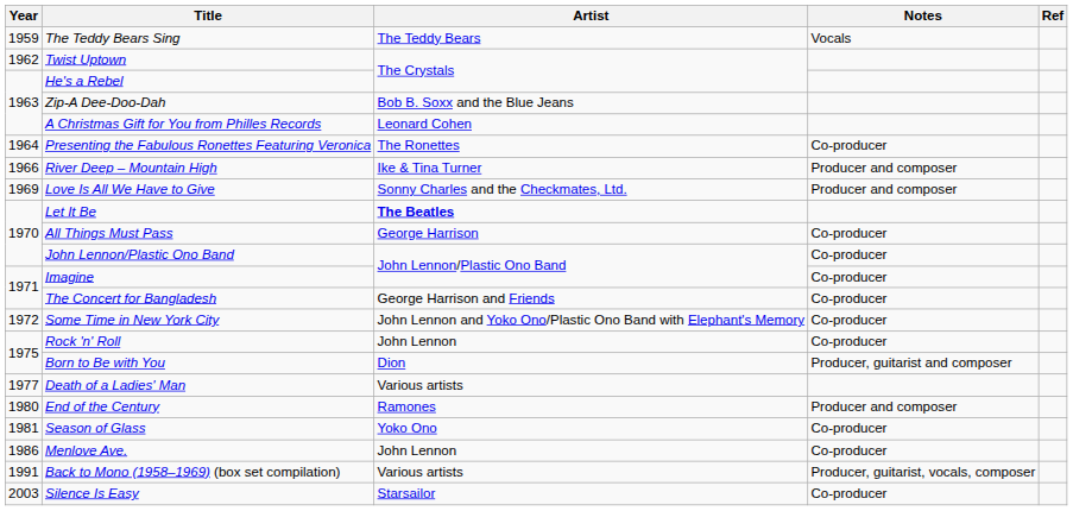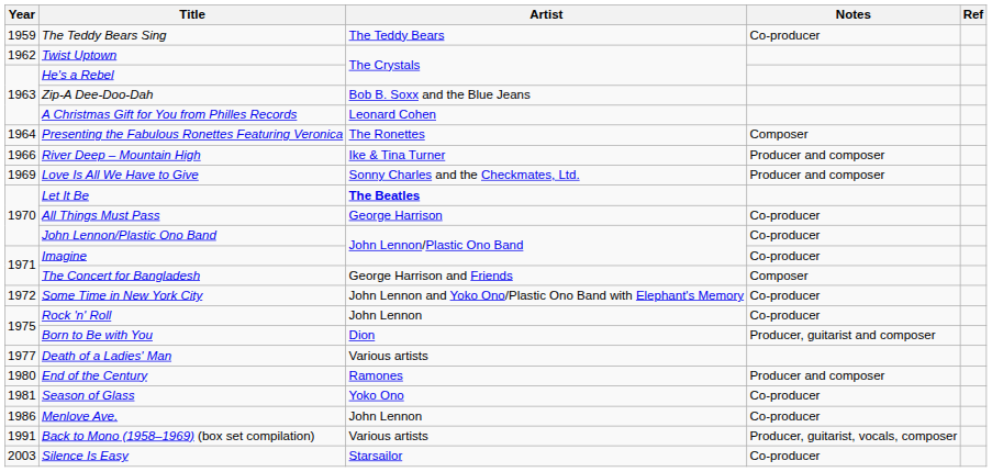 <table class="wikitable sortable">
 <tr>
 <th>Year</th>
 <th>Title</th>
 <th>Artist</th>
 <th>Notes</th>
 <th class="unsortable">Ref</th>
 </tr>
 <tr>
 <td>1959</td>
 <td><em>The Teddy Bears Sing</em></td>
 <td><a href='#'>The Teddy Bears</a></td>
-<td>Vocals</td>
+<td>Co-producer</td>
 <td></td>
 </tr>
 <tr>
 <td>1962</td>
 <td><em><a href='#'>Twist Uptown</a></em></td>
 <td rowspan="2"><a href='#'>The Crystals</a></td>
 <td></td>
 <td></td>
 </tr>
 <tr>
 <td rowspan="3">1963</td>
 <td><em><a href='#'>He's a Rebel</a></em></td>
 <td></td>
 <td></td>
 </tr>
 <tr>
 <td><em>Zip-A Dee-Doo-Dah</em></td>
 <td><a href='#'>Bob B. Soxx</a> and the Blue Jeans</td>
 <td></td>
 <td></td>
 </tr>
 <tr>
 <td><em><a href='#'>A Christmas Gift for You from Philles Records</a></em></td>
 <td><a href='#'>Leonard Cohen</a></td>
 <td></td>
 <td></td>
 </tr>
 <tr>
 <td>1964</td>
 <td><em><a href='#'>Presenting the Fabulous Ronettes Featuring Veronica</a></em></td>
 <td><a href='#'>The Ronettes</a></td>
-<td>Co-producer</td>
+<td>Composer</td>
 <td></td>
 </tr>
 <tr>
 <td>1966</td>
 <td><em><a href='#'>River Deep – Mountain High</a></em></td>
 <td><a href='#'>Ike & Tina Turner</a></td>
 <td>Producer and composer</td>
 <td></td>
 </tr>
 <tr>
 <td>1969</td>
 <td><em><a href='#'>Love Is All We Have to Give</a></em></td>
 <td><a href='#'>Sonny Charles</a> and the <a href='#'>Checkmates, Ltd.</a></td>
 <td>Producer and composer</td>
 <td></td>
 </tr>
 <tr>
 <td rowspan="3">1970</td>
 <td><em><a href='#'>Let It Be</a></em></td>
 <td><strong><a href='#'>The Beatles</a></strong></td>
 <td></td>
 <td></td>
 </tr>
 <tr>
 <td><em><a href='#'>All Things Must Pass</a></em></td>
 <td><a href='#'>George Harrison</a></td>
 <td>Co-producer</td>
 <td></td>
 </tr>
 <tr>
 <td><em><a href='#'>John Lennon/Plastic Ono Band</a></em></td>
 <td rowspan="2"><a href='#'>John Lennon</a>/<a href='#'>Plastic Ono Band</a></td>
 <td>Co-producer</td>
 <td></td>
 </tr>
 <tr>
 <td rowspan="2">1971</td>
 <td><em><a href='#'>Imagine</a></em></td>
 <td>Co-producer</td>
 <td></td>
 </tr>
 <tr>
 <td><em><a href='#'>The Concert for Bangladesh</a></em></td>
 <td>George Harrison and <a href='#'>Friends</a></td>
-<td>Co-producer</td>
+<td>Composer</td>
 <td></td>
 </tr>
 <tr>
 <td>1972</td>
 <td><em><a href='#'>Some Time in New York City</a></em></td>
 <td>John Lennon and <a href='#'>Yoko Ono</a>/Plastic Ono Band with <a href='#'>Elephant's Memory</a></td>
 <td>Co-producer</td>
 <td></td>
 </tr>
 <tr>
 <td rowspan="2">1975</td>
 <td><em><a href='#'>Rock 'n' Roll</a></em></td>
 <td>John Lennon</td>
 <td>Co-producer</td>
 <td></td>
 </tr>
 <tr>
 <td><em><a href='#'>Born to Be with You</a></em></td>
 <td><a href='#'>Dion</a></td>
 <td>Producer, guitarist and composer</td>
 <td></td>
 </tr>
 <tr>
 <td>1977</td>
 <td><em><a href='#'>Death of a Ladies' Man</a></em></td>
 <td>Various artists</td>
 <td></td>
 <td></td>
 </tr>
 <tr>
 <td>1980</td>
 <td><em><a href='#'>End of the Century</a></em></td>
 <td><a href='#'>Ramones</a></td>
 <td>Producer and composer</td>
 <td></td>
 </tr>
 <tr>
 <td>1981</td>
 <td><em><a href='#'>Season of Glass</a></em></td>
 <td><a href='#'>Yoko Ono</a></td>
 <td>Co-producer</td>
 <td></td>
 </tr>
 <tr>
 <td>1986</td>
 <td><em><a href='#'>Menlove Ave.</a></em></td>
 <td>John Lennon</td>
 <td>Co-producer</td>
 <td></td>
 </tr>
 <tr>
 <td>1991</td>
 <td><em><a href='#'>Back to Mono (1958–1969)</a></em> (box set compilation)</td>
 <td>Various artists</td>
 <td>Producer, guitarist, vocals, composer</td>
 <td></td>
 </tr>
 <tr>
 <td>2003</td>
 <td><em><a href='#'>Silence Is Easy</a></em></td>
 <td><a href='#'>Starsailor</a></td>
 <td>Co-producer</td>
 <td></td>
 </tr>
 </table>
